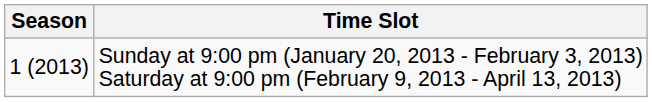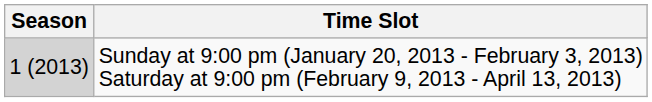 <table class="wikitable">
 <tr>
 <th>Season</th>
 <th>Time Slot</th>
 </tr>
 <tr>
-<td>1 (2013)</td>
+<td style="background: lightgrey;">1 (2013)</td>
 <td>Sunday at 9:00 pm (January 20, 2013 - February 3, 2013)<br>Saturday at 9:00 pm (February 9, 2013 - April 13, 2013)</td>
 </tr>
 </table>
